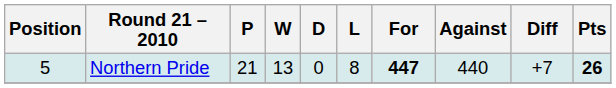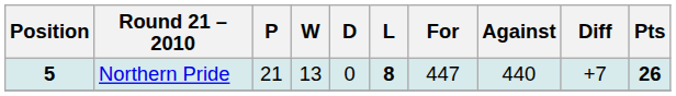 <table class="wikitable" style="text-align:center; font-size:85%;">
 <tr>
 <th width=40 abbr="Position">Position</th>
 <th width=100>Round 21 – 2010</th>
 <th width=20 abbr="Played">P</th>
 <th width=20 abbr="Won">W</th>
 <th width=20 abbr="Drawn">D</th>
 <th width=20 abbr="Lost">L</th>
 <th width=40 abbr="Points for">For</th>
 <th width=40 abbr="Points against">Against</th>
 <th width=40 abbr="Points difference">Diff</th>
 <th width=20 abbr="Points">Pts</th>
 </tr>
 <tr style="background: #d7ebed;">
-<td>5</td>
+<td><strong>5</strong></td>
 <td style="text-align:left;"> <a href='#'>Northern Pride</a></td>
 <td>21</td>
 <td>13</td>
 <td>0</td>
-<td>8</td>
-<td><strong>447</strong></td>
+<td><strong>8</strong></td>
+<td>447</td>
 <td>440</td>
 <td>+7</td>
 <td><strong>26</strong></td>
 </tr>
 <tr>
 </tr>
 </table>
